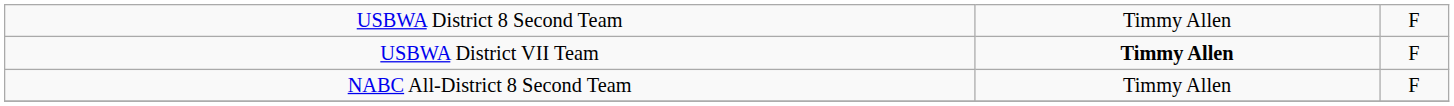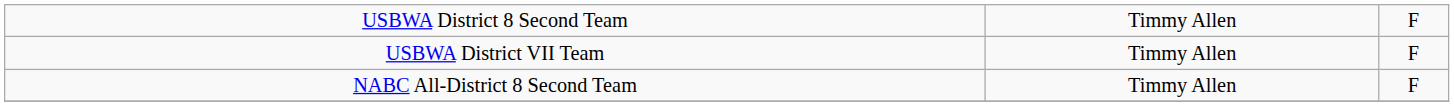 <table class="wikitable" style="width: 90%;text-align: center;">
 <tr align="center">
 <td rowspan="1"><a href='#'>USBWA</a> District 8 Second Team</td>
 <td>Timmy Allen</td>
 <td>F</td>
 </tr>
 <tr>
 <td rowspan="1"><a href='#'>USBWA</a> District VII Team</td>
-<td><strong>Timmy Allen</strong></td>
+<td>Timmy Allen</td>
 <td>F</td>
 </tr>
 <tr>
 <td rowspan="1"><a href='#'>NABC</a> All-District 8 Second Team</td>
 <td>Timmy Allen</td>
 <td>F</td>
 </tr>
 <tr>
 </tr>
 </table>
